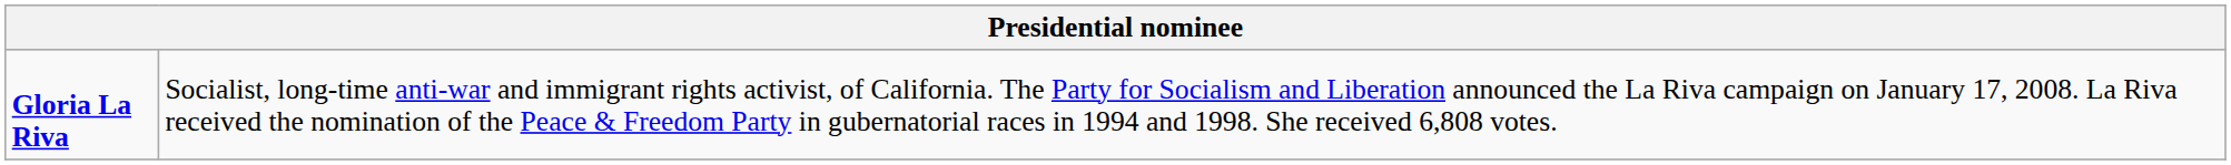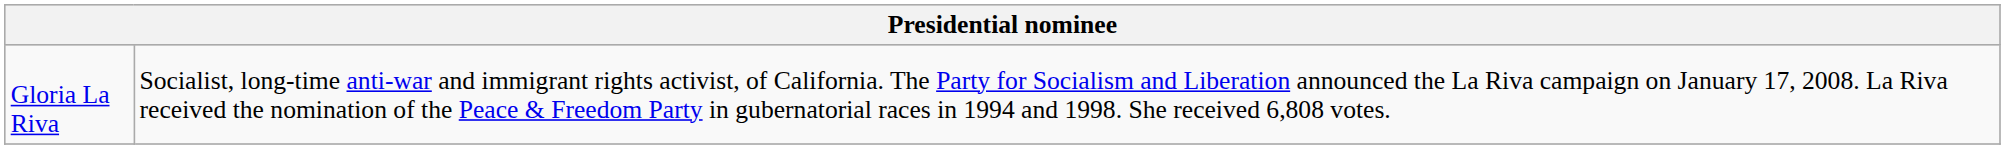 <table class=wikitable>
 <tr>
 <th colspan=3>Presidential nominee</th>
 </tr>
 <tr>
-<td><strong><br><a href='#'>Gloria La Riva</a></strong></td>
+<td><br><a href='#'>Gloria La Riva</a></td>
 <td>Socialist, long-time <a href='#'>anti-war</a> and immigrant rights activist, of California. The <a href='#'>Party for Socialism and Liberation</a> announced the La Riva campaign on January 17, 2008. La Riva received the nomination of the <a href='#'>Peace & Freedom Party</a> in gubernatorial races in 1994 and 1998. She received 6,808 votes.</td>
 </tr>
 </table>
